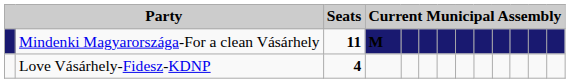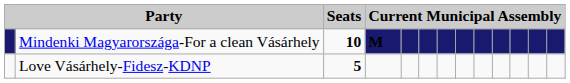 <table class="wikitable">
 <tr>
 <th style="background:#ccc" colspan="2">Party</th>
 <th style="background:#ccc">Seats</th>
 <th style="background:#ccc" colspan="10">Current Municipal Assembly</th>
 </tr>
 <tr>
 <td style="background-color: #191970"> </td>
 <td><a href='#'>Mindenki Magyarországa</a>-For a clean Vásárhely</td>
-<td style="text-align: right"><strong>11</strong></td>
+<td style="text-align: right"><strong>10</strong></td>
 <td style="background-color: #191970"><span><strong>M</strong></span></td>
 <td style="background-color: #191970"> </td>
 <td style="background-color: #191970"> </td>
 <td style="background-color: #191970"> </td>
 <td style="background-color: #191970"> </td>
 <td style="background-color: #191970"> </td>
 <td style="background-color: #191970"> </td>
 <td style="background-color: #191970"> </td>
 <td style="background-color: #191970"> </td>
 <td style="background-color: #191970"> </td>
 </tr>
 <tr>
 <td style="background-color: "> </td>
 <td>Love Vásárhely-<a href='#'>Fidesz</a>-<a href='#'>KDNP</a></td>
-<td style="text-align: right"><strong>4</strong></td>
+<td style="text-align: right"><strong>5</strong></td>
 <td style="background-color: "> </td>
 <td style="background-color: "> </td>
 <td style="background-color: "> </td>
 <td style="background-color: "> </td>
 <td style="background-color: "> </td>
 <td> </td>
 <td> </td>
 <td> </td>
 <td> </td>
 <td> </td>
 </tr>
 </table>
